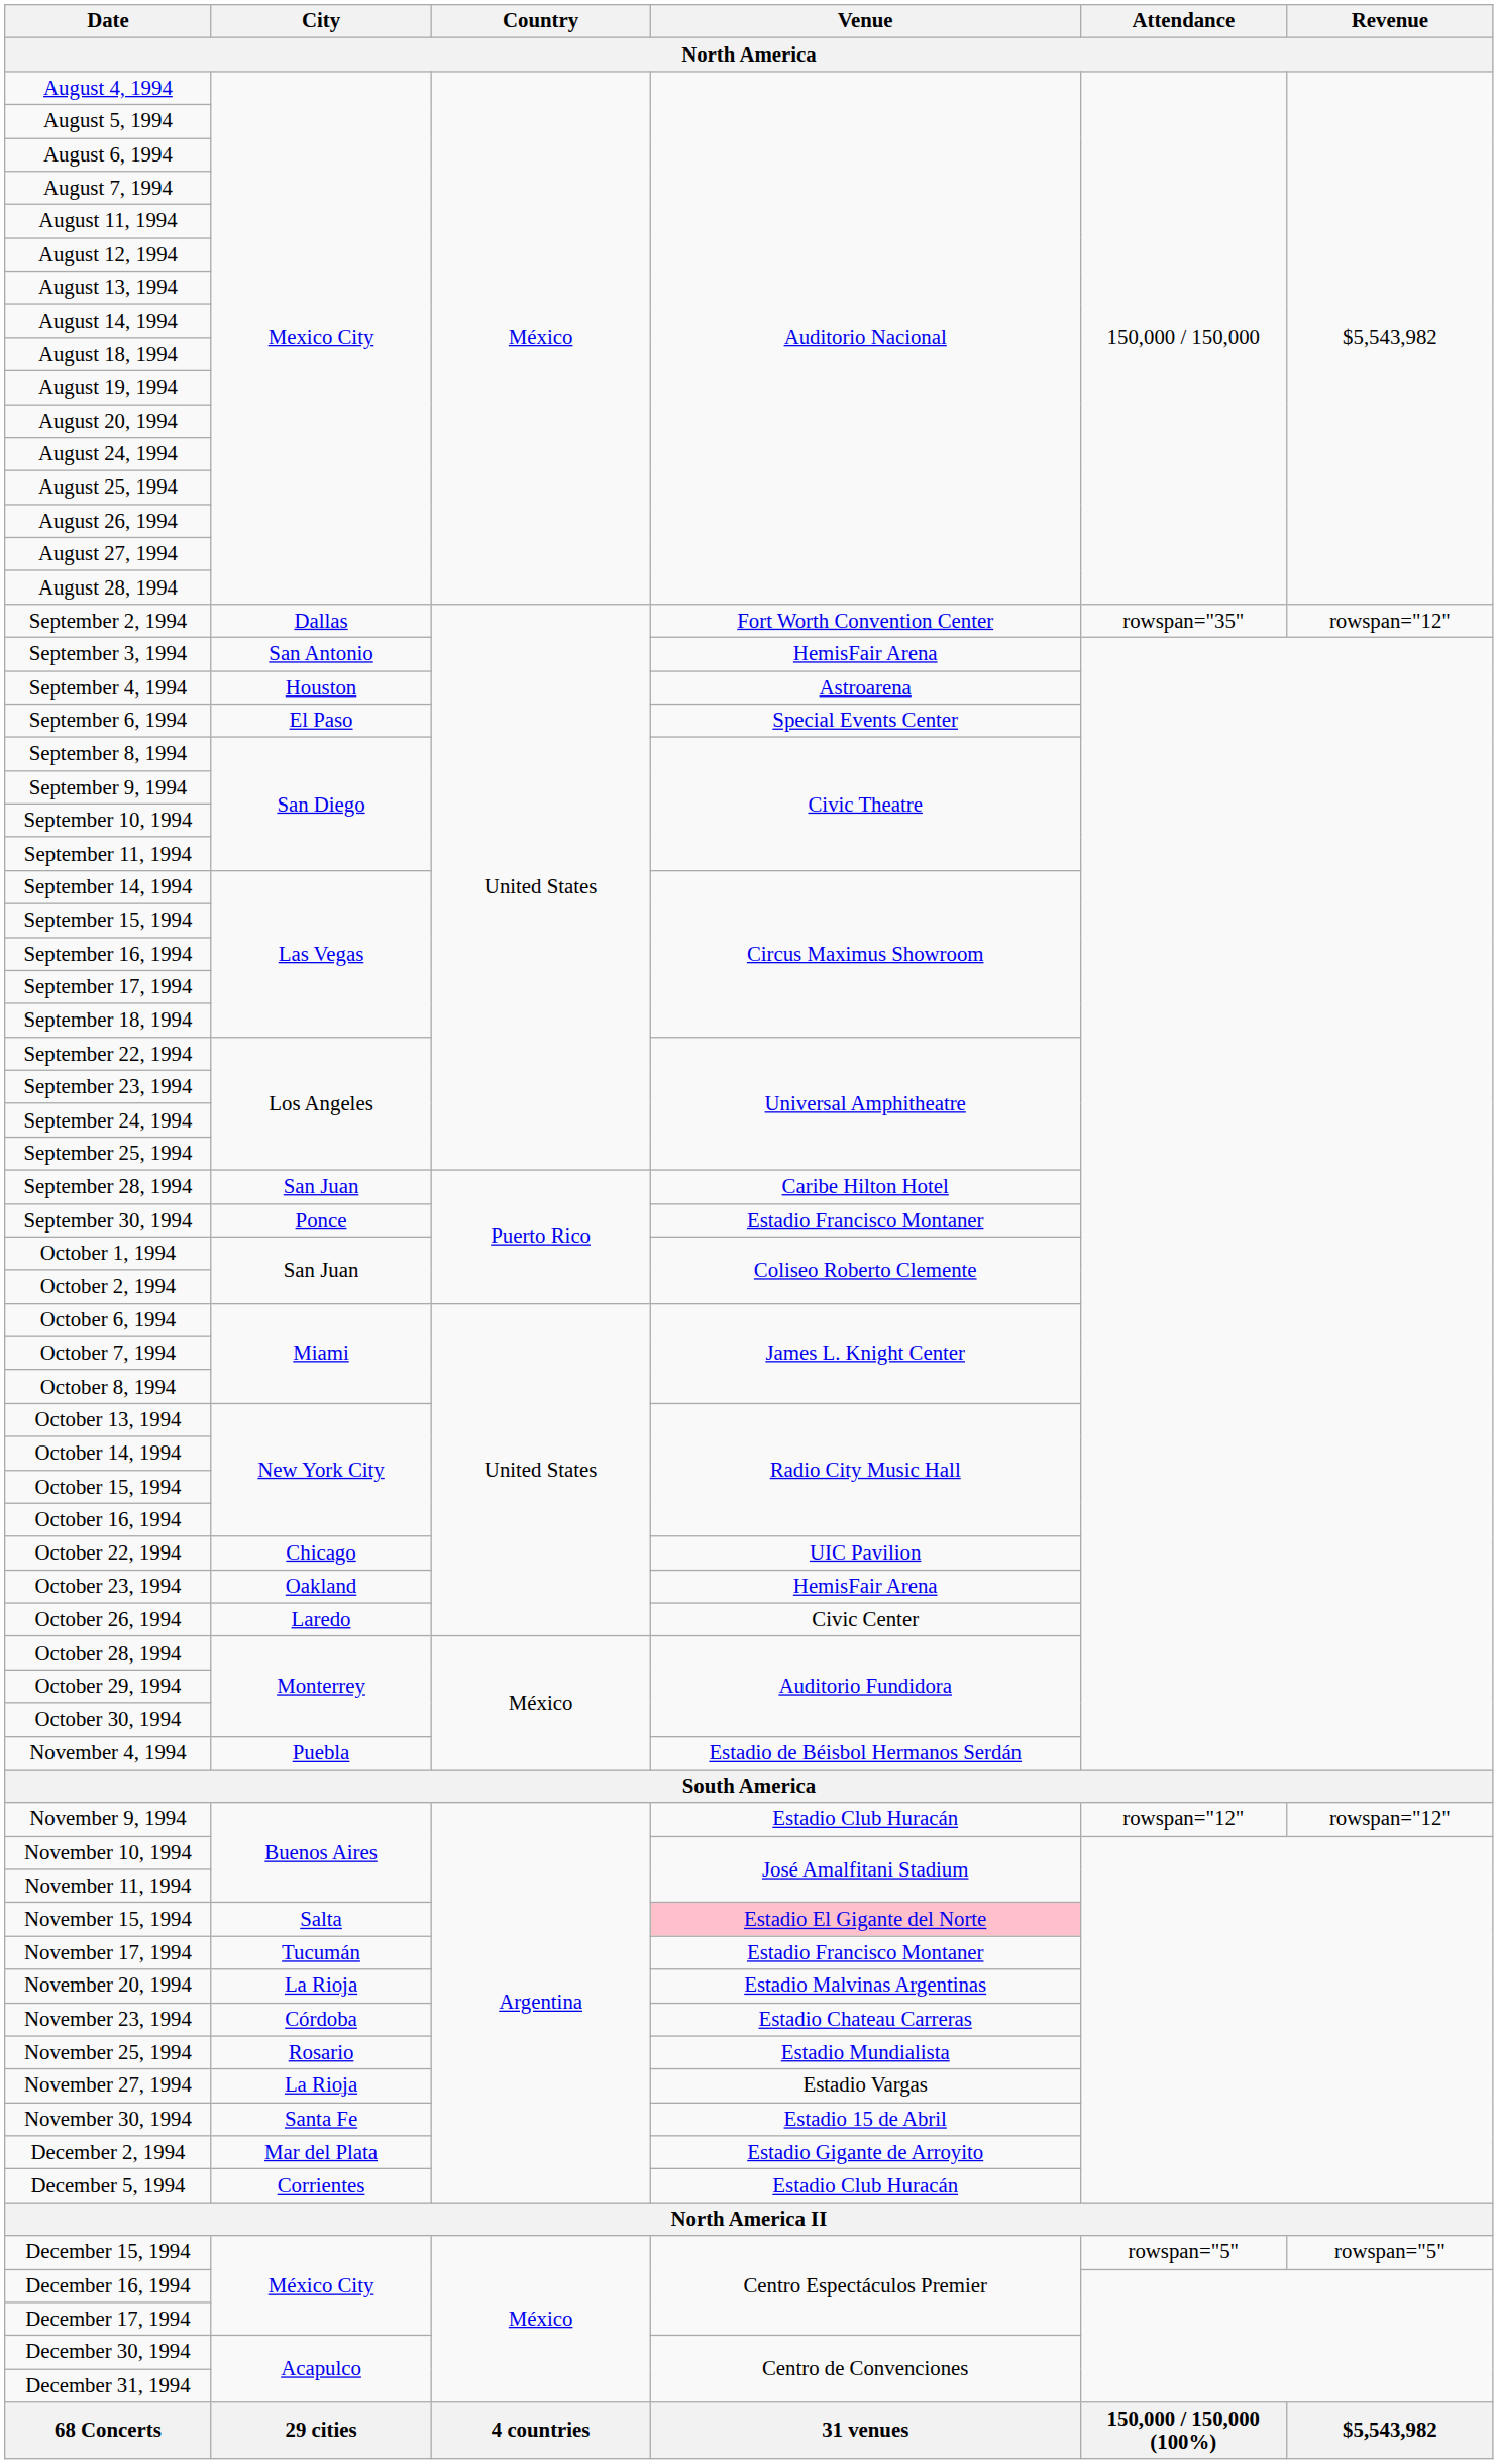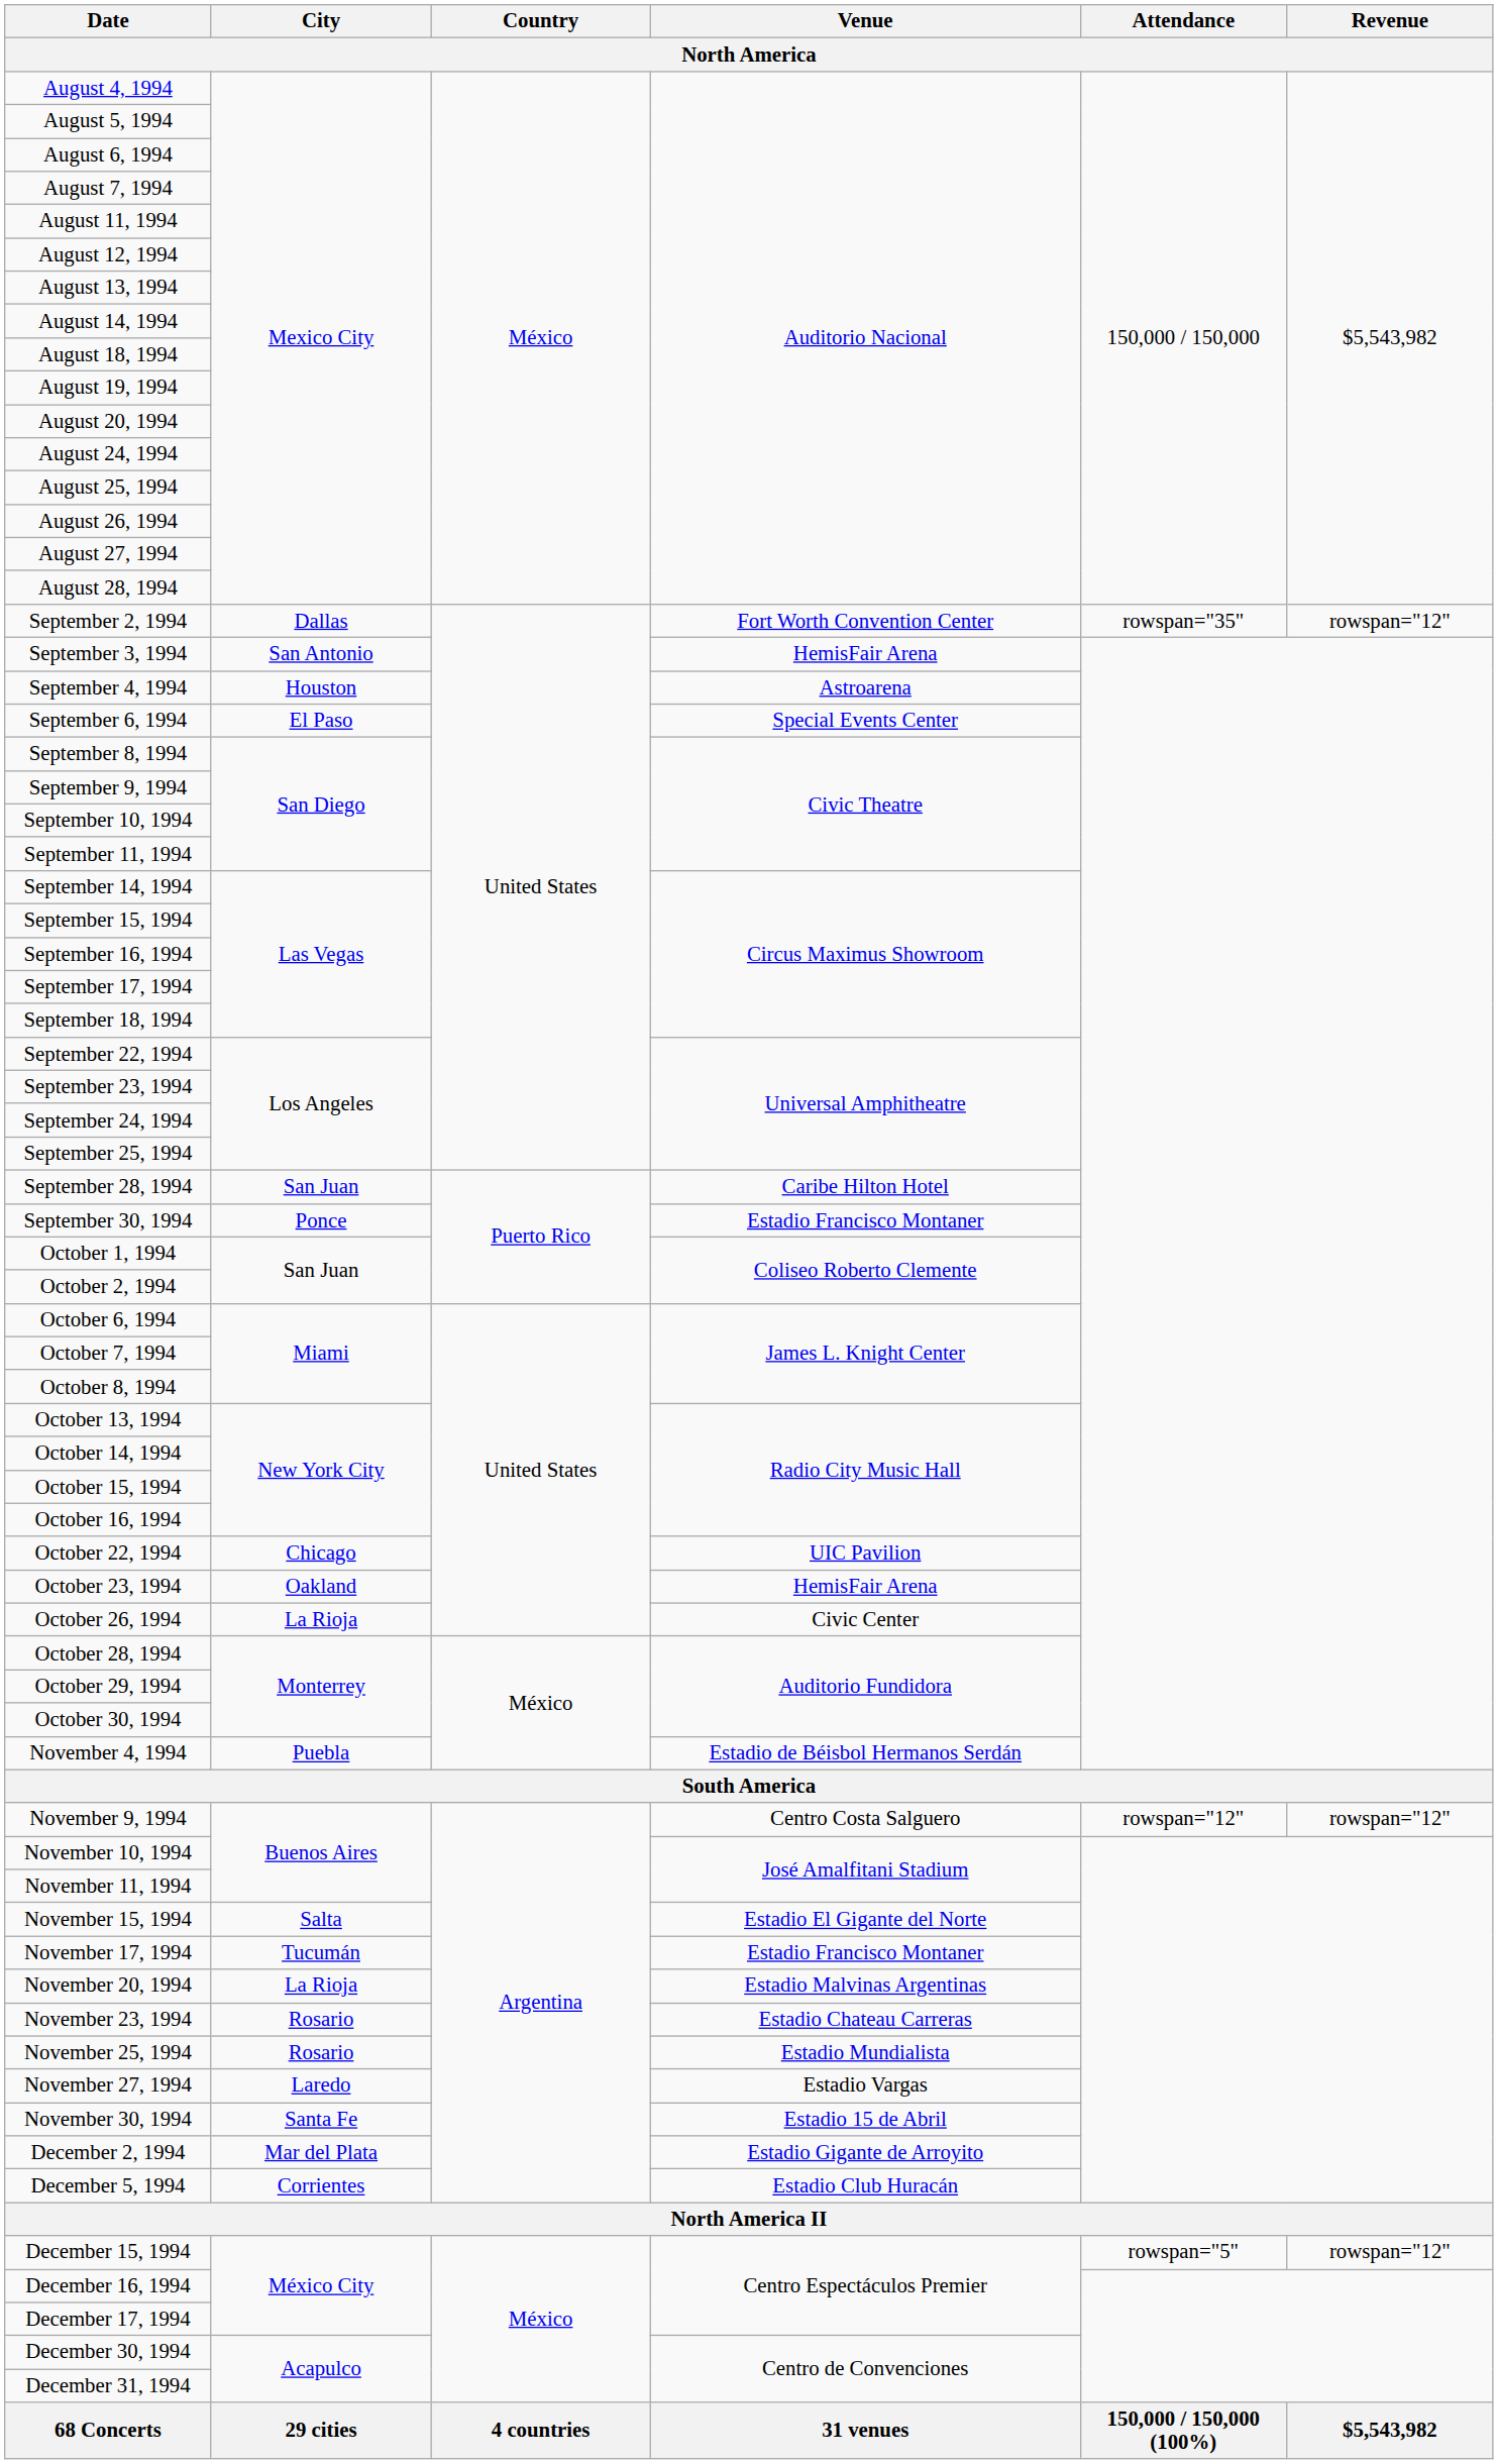 <table class="wikitable plainrowheaders" style="text-align:center;">
 <tr>
 <th width="150">Date</th>
 <th width="160">City</th>
 <th width="160">Country</th>
 <th width="320">Venue</th>
 <th width="150">Attendance</th>
 <th width="150">Revenue</th>
 </tr>
 <tr>
 <th colspan="7">North America</th>
 </tr>
 <tr>
 <td><a href='#'>August 4, 1994</a></td>
 <td rowspan="16"><a href='#'>Mexico City</a></td>
 <td rowspan="16"><a href='#'>México</a></td>
 <td rowspan="16"><a href='#'>Auditorio Nacional</a></td>
 <td rowspan="16">150,000 / 150,000</td>
 <td rowspan="16">$5,543,982</td>
 </tr>
 <tr>
 <td>August 5, 1994</td>
 </tr>
 <tr>
 <td>August 6, 1994</td>
 </tr>
 <tr>
 <td>August 7, 1994</td>
 </tr>
 <tr>
 <td>August 11, 1994</td>
 </tr>
 <tr>
 <td>August 12, 1994</td>
 </tr>
 <tr>
 <td>August 13, 1994</td>
 </tr>
 <tr>
 <td>August 14, 1994</td>
 </tr>
 <tr>
 <td>August 18, 1994</td>
 </tr>
 <tr>
 <td>August 19, 1994</td>
 </tr>
 <tr>
 <td>August 20, 1994</td>
 </tr>
 <tr>
 <td>August 24, 1994</td>
 </tr>
 <tr>
 <td>August 25, 1994</td>
 </tr>
 <tr>
 <td>August 26, 1994</td>
 </tr>
 <tr>
 <td>August 27, 1994</td>
 </tr>
 <tr>
 <td>August 28, 1994</td>
 </tr>
 <tr>
 <td>September 2, 1994</td>
 <td><a href='#'>Dallas</a></td>
 <td rowspan="17">United States</td>
 <td><a href='#'>Fort Worth Convention Center</a></td>
 <td>rowspan="35" </td>
 <td>rowspan="12" </td>
 </tr>
 <tr>
 <td>September 3, 1994</td>
 <td><a href='#'>San Antonio</a></td>
 <td><a href='#'>HemisFair Arena</a></td>
 </tr>
 <tr>
 <td>September 4, 1994</td>
 <td><a href='#'>Houston</a></td>
 <td><a href='#'>Astroarena</a></td>
 </tr>
 <tr>
 <td>September 6, 1994</td>
 <td><a href='#'>El Paso</a></td>
 <td><a href='#'>Special Events Center</a></td>
 </tr>
 <tr>
 <td>September 8, 1994</td>
 <td rowspan="4"><a href='#'>San Diego</a></td>
 <td rowspan="4"><a href='#'>Civic Theatre</a></td>
 </tr>
 <tr>
 <td>September 9, 1994</td>
 </tr>
 <tr>
 <td>September 10, 1994</td>
 </tr>
 <tr>
 <td>September 11, 1994</td>
 </tr>
 <tr>
 <td>September 14, 1994</td>
 <td rowspan="5"><a href='#'>Las Vegas</a></td>
 <td rowspan="5"><a href='#'>Circus Maximus Showroom</a></td>
 </tr>
 <tr>
 <td>September 15, 1994</td>
 </tr>
 <tr>
 <td>September 16, 1994</td>
 </tr>
 <tr>
 <td>September 17, 1994</td>
 </tr>
 <tr>
 <td>September 18, 1994</td>
 </tr>
 <tr>
 <td>September 22, 1994</td>
 <td rowspan="4">Los Angeles</td>
 <td rowspan="4"><a href='#'>Universal Amphitheatre</a></td>
 </tr>
 <tr>
 <td>September 23, 1994</td>
 </tr>
 <tr>
 <td>September 24, 1994</td>
 </tr>
 <tr>
 <td>September 25, 1994</td>
 </tr>
 <tr>
 <td>September 28, 1994</td>
 <td><a href='#'>San Juan</a></td>
 <td rowspan="4"><a href='#'>Puerto Rico</a></td>
 <td><a href='#'>Caribe Hilton Hotel</a></td>
 </tr>
 <tr>
 <td>September 30, 1994</td>
 <td><a href='#'>Ponce</a></td>
 <td><a href='#'>Estadio Francisco Montaner</a></td>
 </tr>
 <tr>
 <td>October 1, 1994</td>
 <td rowspan="2">San Juan</td>
 <td rowspan="2"><a href='#'>Coliseo Roberto Clemente</a></td>
 </tr>
 <tr>
 <td>October 2, 1994</td>
 </tr>
 <tr>
 <td>October 6, 1994</td>
 <td rowspan="3"><a href='#'>Miami</a></td>
 <td rowspan="10">United States</td>
 <td rowspan="3"><a href='#'>James L. Knight Center</a></td>
 </tr>
 <tr>
 <td>October 7, 1994</td>
 </tr>
 <tr>
 <td>October 8, 1994</td>
 </tr>
 <tr>
 <td>October 13, 1994</td>
 <td rowspan="4"><a href='#'>New York City</a></td>
 <td rowspan="4"><a href='#'>Radio City Music Hall</a></td>
 </tr>
 <tr>
 <td>October 14, 1994</td>
 </tr>
 <tr>
 <td>October 15, 1994</td>
 </tr>
 <tr>
 <td>October 16, 1994</td>
 </tr>
 <tr>
 <td>October 22, 1994</td>
 <td><a href='#'>Chicago</a></td>
 <td><a href='#'>UIC Pavilion</a></td>
 </tr>
 <tr>
 <td>October 23, 1994</td>
 <td><a href='#'>Oakland</a></td>
 <td><a href='#'>HemisFair Arena</a></td>
 </tr>
 <tr>
 <td>October 26, 1994</td>
-<td><a href='#'>Laredo</a></td>
+<td><a href='#'>La Rioja</a></td>
 <td>Civic Center</td>
 </tr>
 <tr>
 <td>October 28, 1994</td>
 <td rowspan="3"><a href='#'>Monterrey</a></td>
 <td rowspan="4">México</td>
 <td rowspan="3"><a href='#'>Auditorio Fundidora</a></td>
 </tr>
 <tr>
 <td>October 29, 1994</td>
 </tr>
 <tr>
 <td>October 30, 1994</td>
 </tr>
 <tr>
 <td>November 4, 1994</td>
 <td><a href='#'>Puebla</a></td>
 <td><a href='#'>Estadio de Béisbol Hermanos Serdán</a></td>
 </tr>
 <tr>
 <th colspan="7">South America</th>
 </tr>
 <tr>
 <td>November 9, 1994</td>
 <td rowspan="3"><a href='#'>Buenos Aires</a></td>
 <td rowspan="12"><a href='#'>Argentina</a></td>
-<td><a href='#'>Estadio Club Huracán</a></td>
+<td>Centro Costa Salguero</td>
 <td>rowspan="12" </td>
 <td>rowspan="12" </td>
 </tr>
 <tr>
 <td>November 10, 1994</td>
 <td rowspan="2"><a href='#'>José Amalfitani Stadium</a></td>
 </tr>
 <tr>
 <td>November 11, 1994</td>
 </tr>
 <tr>
 <td>November 15, 1994</td>
 <td><a href='#'>Salta</a></td>
-<td style="background: pink;"><a href='#'>Estadio El Gigante del Norte</a></td>
+<td><a href='#'>Estadio El Gigante del Norte</a></td>
 </tr>
 <tr>
 <td>November 17, 1994</td>
 <td><a href='#'>Tucumán</a></td>
 <td><a href='#'>Estadio Francisco Montaner</a></td>
 </tr>
 <tr>
 <td>November 20, 1994</td>
 <td><a href='#'>La Rioja</a></td>
 <td><a href='#'>Estadio Malvinas Argentinas</a></td>
 </tr>
 <tr>
 <td>November 23, 1994</td>
-<td><a href='#'>Córdoba</a></td>
+<td><a href='#'>Rosario</a></td>
 <td><a href='#'>Estadio Chateau Carreras</a></td>
 </tr>
 <tr>
 <td>November 25, 1994</td>
 <td><a href='#'>Rosario</a></td>
 <td><a href='#'>Estadio Mundialista</a></td>
 </tr>
 <tr>
 <td>November 27, 1994</td>
-<td><a href='#'>La Rioja</a></td>
+<td><a href='#'>Laredo</a></td>
 <td>Estadio Vargas</td>
 </tr>
 <tr>
 <td>November 30, 1994</td>
 <td><a href='#'>Santa Fe</a></td>
 <td><a href='#'>Estadio 15 de Abril</a></td>
 </tr>
 <tr>
 <td>December 2, 1994</td>
 <td><a href='#'>Mar del Plata</a></td>
 <td><a href='#'>Estadio Gigante de Arroyito</a></td>
 </tr>
 <tr>
 <td>December 5, 1994</td>
 <td><a href='#'>Corrientes</a></td>
 <td><a href='#'>Estadio Club Huracán</a></td>
 </tr>
 <tr>
 <th colspan="7">North America II</th>
 </tr>
 <tr>
 <td>December 15, 1994</td>
 <td rowspan="3"><a href='#'>México City</a></td>
 <td rowspan="5"><a href='#'>México</a></td>
 <td rowspan="3">Centro Espectáculos Premier</td>
 <td>rowspan="5" </td>
-<td>rowspan="5" </td>
+<td>rowspan="12" </td>
 </tr>
 <tr>
 <td>December 16, 1994</td>
 </tr>
 <tr>
 <td>December 17, 1994</td>
 </tr>
 <tr>
 <td>December 30, 1994</td>
 <td rowspan="2"><a href='#'>Acapulco</a></td>
 <td rowspan="2">Centro de Convenciones</td>
 </tr>
 <tr>
 <td>December 31, 1994</td>
 </tr>
 <tr>
 <th>68 Concerts</th>
 <th>29 cities</th>
 <th>4 countries</th>
 <th>31 venues</th>
 <th>150,000 / 150,000 (100%)</th>
 <th>$5,543,982</th>
 </tr>
 </table>
